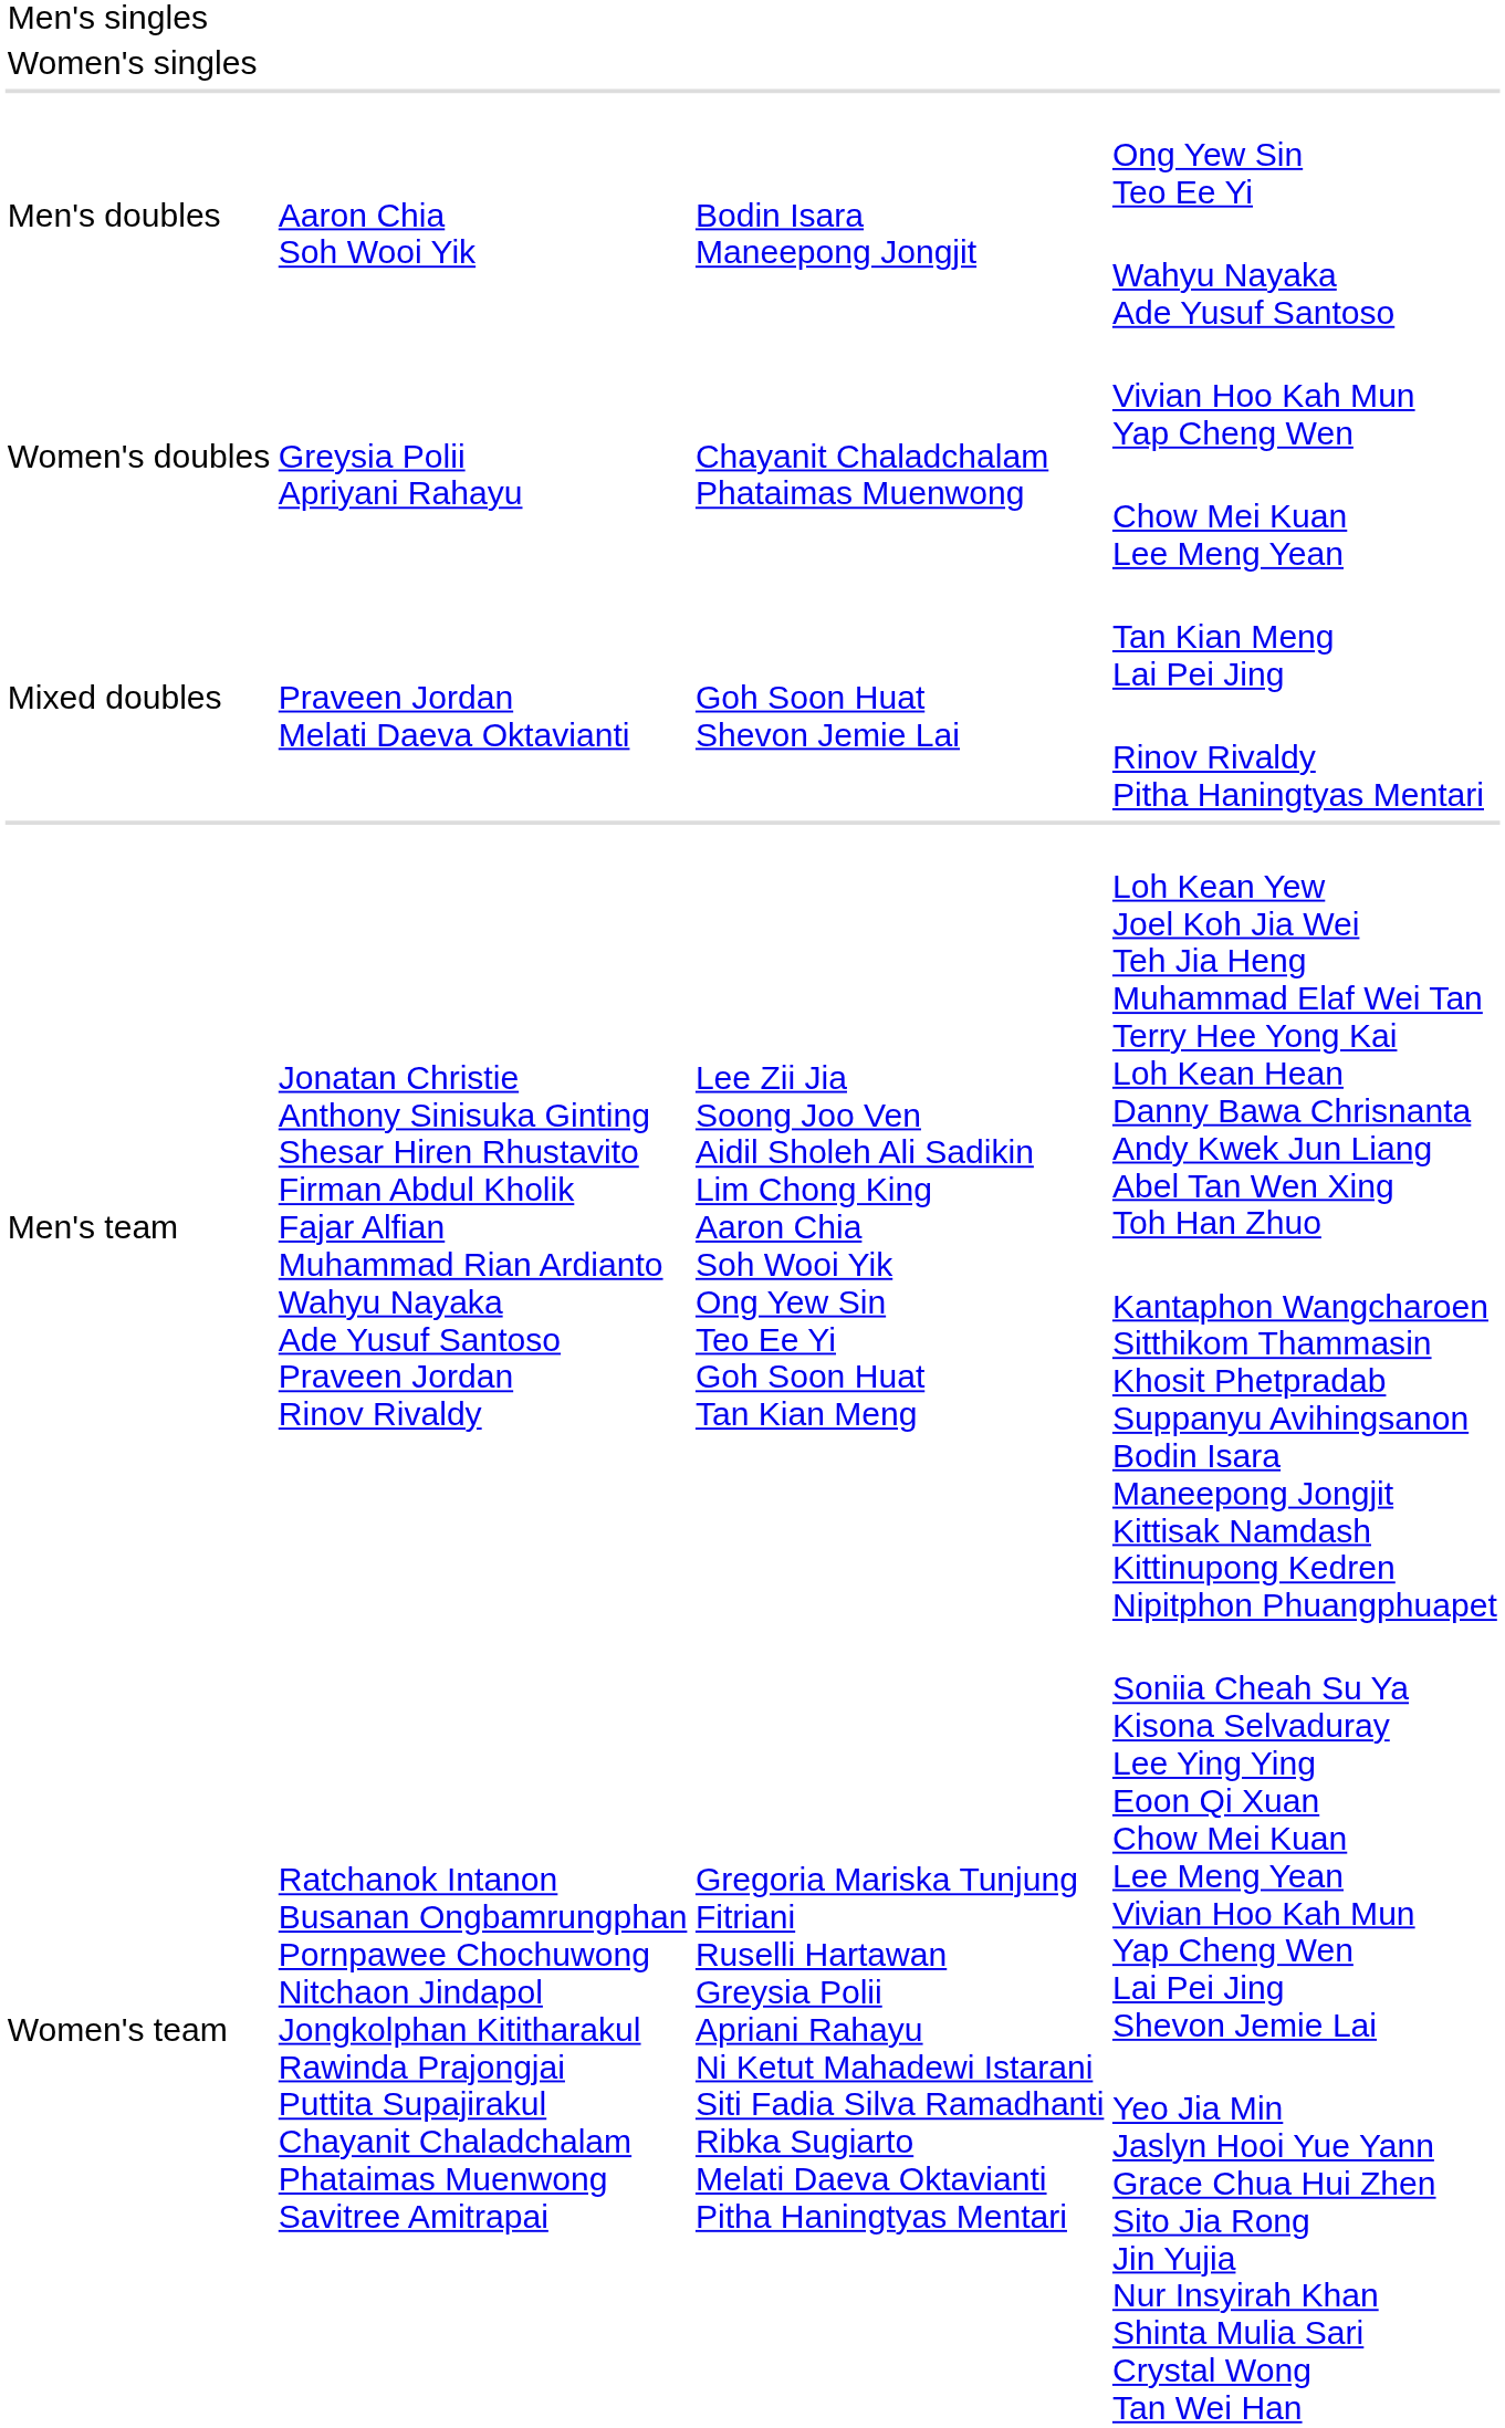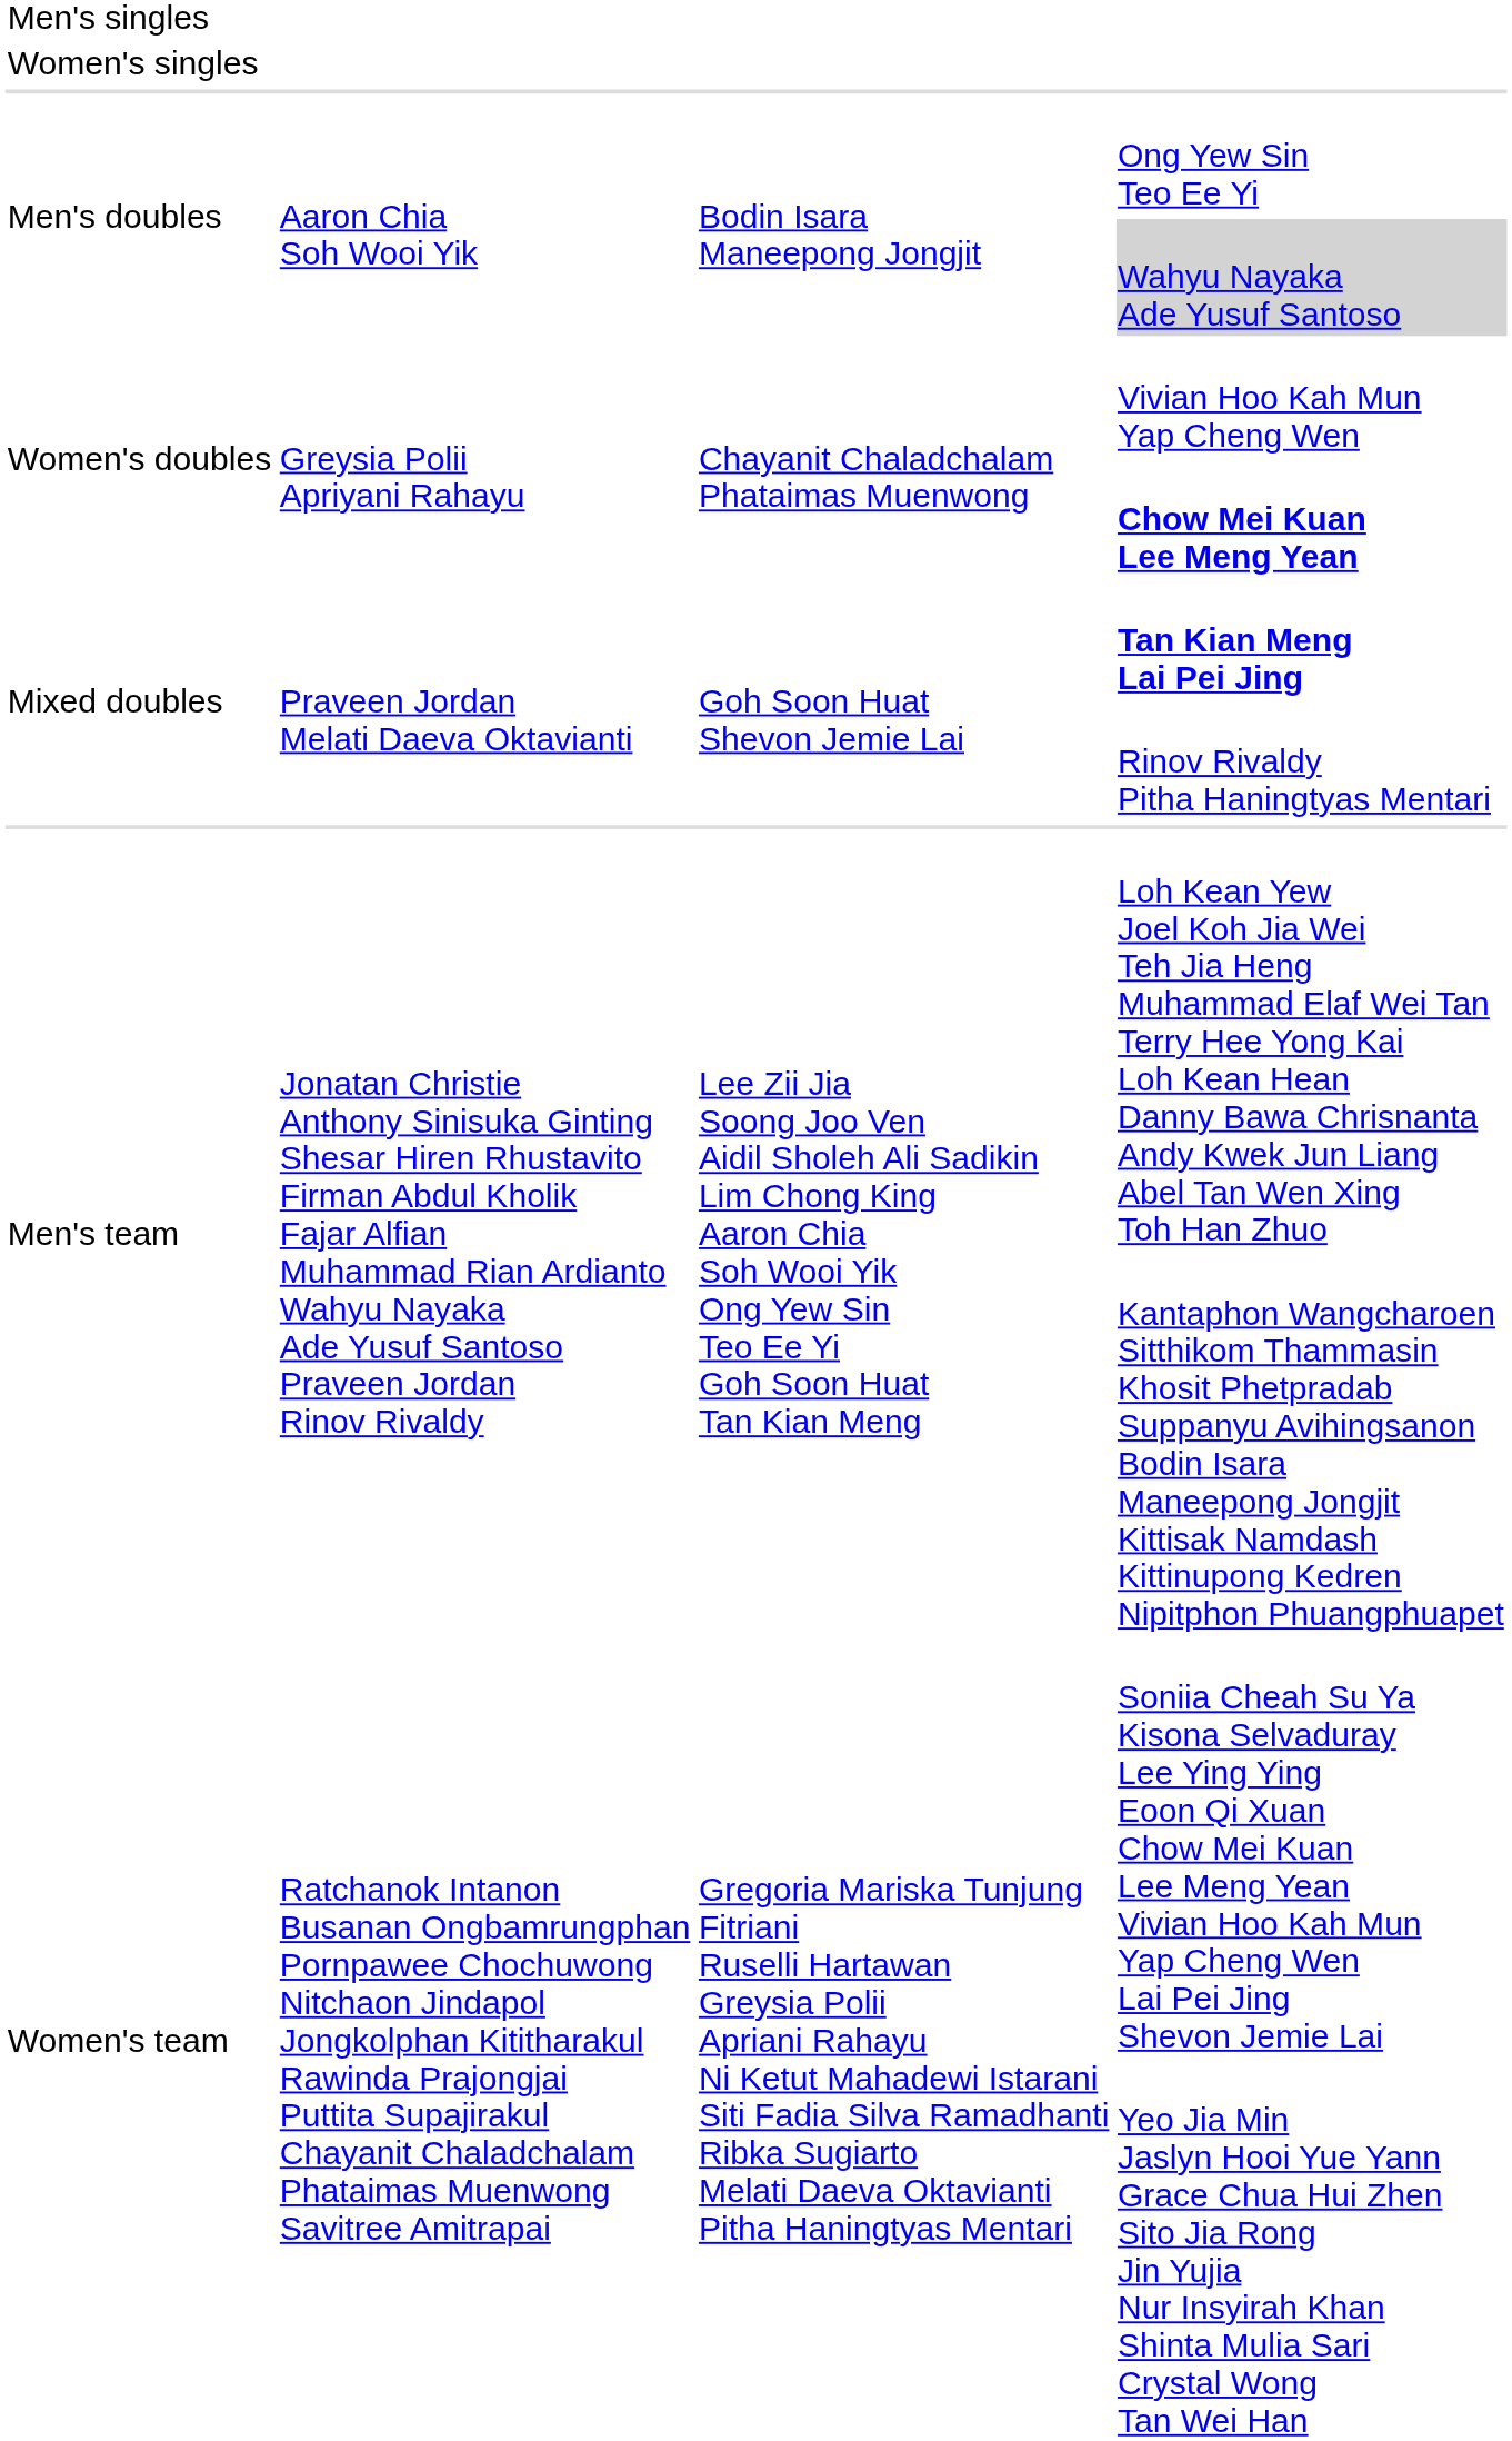 <table>
 <tr>
 <td rowspan=2>Men's singles<br></td>
 <td rowspan=2></td>
 <td rowspan=2></td>
 <td></td>
 </tr>
 <tr>
 <td></td>
 </tr>
 <tr>
 <td rowspan=2>Women's singles<br></td>
 <td rowspan=2></td>
 <td rowspan=2></td>
 <td></td>
 </tr>
 <tr>
 <td></td>
 </tr>
 <tr style="background:#dddddd;">
 <td colspan=7></td>
 </tr>
 <tr>
 <td rowspan=2>Men's doubles<br></td>
 <td rowspan=2><br><a href='#'>Aaron Chia</a><br><a href='#'>Soh Wooi Yik</a></td>
 <td rowspan=2><br><a href='#'>Bodin Isara</a><br><a href='#'>Maneepong Jongjit</a></td>
 <td><br><a href='#'>Ong Yew Sin</a><br><a href='#'>Teo Ee Yi</a></td>
 </tr>
 <tr>
-<td><br><a href='#'>Wahyu Nayaka</a><br><a href='#'>Ade Yusuf Santoso</a></td>
+<td style="background: lightgrey;"><br><a href='#'>Wahyu Nayaka</a><br><a href='#'>Ade Yusuf Santoso</a></td>
 </tr>
 <tr>
 <td rowspan=2>Women's doubles<br></td>
 <td rowspan=2><br><a href='#'>Greysia Polii</a><br><a href='#'>Apriyani Rahayu</a></td>
 <td rowspan=2><br><a href='#'>Chayanit Chaladchalam</a><br><a href='#'>Phataimas Muenwong</a></td>
 <td><br><a href='#'>Vivian Hoo Kah Mun</a><br><a href='#'>Yap Cheng Wen</a></td>
 </tr>
 <tr>
-<td><br><a href='#'>Chow Mei Kuan</a><br><a href='#'>Lee Meng Yean</a></td>
+<td><strong><br><a href='#'>Chow Mei Kuan</a><br><a href='#'>Lee Meng Yean</a></strong></td>
 </tr>
 <tr>
 <td rowspan=2>Mixed doubles<br></td>
 <td rowspan=2><br><a href='#'>Praveen Jordan</a><br><a href='#'>Melati Daeva Oktavianti</a></td>
 <td rowspan=2><br><a href='#'>Goh Soon Huat</a><br><a href='#'>Shevon Jemie Lai</a></td>
-<td><br><a href='#'>Tan Kian Meng</a><br><a href='#'>Lai Pei Jing</a></td>
+<td><strong><br><a href='#'>Tan Kian Meng</a><br><a href='#'>Lai Pei Jing</a></strong></td>
 </tr>
 <tr>
 <td><br><a href='#'>Rinov Rivaldy</a><br><a href='#'>Pitha Haningtyas Mentari</a></td>
 </tr>
 <tr style="background:#dddddd;">
 <td colspan=7></td>
 </tr>
 <tr>
 <td rowspan=2>Men's team<br></td>
 <td nowrap=true rowspan=2><br><a href='#'>Jonatan Christie</a><br><a href='#'>Anthony Sinisuka Ginting</a><br><a href='#'>Shesar Hiren Rhustavito</a><br><a href='#'>Firman Abdul Kholik</a><br><a href='#'>Fajar Alfian</a><br><a href='#'>Muhammad Rian Ardianto</a><br><a href='#'>Wahyu Nayaka</a><br><a href='#'>Ade Yusuf Santoso</a><br><a href='#'>Praveen Jordan</a><br><a href='#'>Rinov Rivaldy</a></td>
 <td rowspan=2><br><a href='#'>Lee Zii Jia</a><br><a href='#'>Soong Joo Ven</a><br><a href='#'>Aidil Sholeh Ali Sadikin</a><br><a href='#'>Lim Chong King</a><br><a href='#'>Aaron Chia</a><br><a href='#'>Soh Wooi Yik</a><br><a href='#'>Ong Yew Sin</a><br><a href='#'>Teo Ee Yi</a><br><a href='#'>Goh Soon Huat</a><br><a href='#'>Tan Kian Meng</a></td>
 <td><br><a href='#'>Loh Kean Yew</a><br><a href='#'>Joel Koh Jia Wei</a><br><a href='#'>Teh Jia Heng</a><br><a href='#'>Muhammad Elaf Wei Tan</a><br><a href='#'>Terry Hee Yong Kai</a><br><a href='#'>Loh Kean Hean</a><br><a href='#'>Danny Bawa Chrisnanta</a><br><a href='#'>Andy Kwek Jun Liang</a><br><a href='#'>Abel Tan Wen Xing</a><br><a href='#'>Toh Han Zhuo</a></td>
 </tr>
 <tr>
 <td><br><a href='#'>Kantaphon Wangcharoen</a><br><a href='#'>Sitthikom Thammasin</a><br><a href='#'>Khosit Phetpradab</a><br><a href='#'>Suppanyu Avihingsanon</a><br><a href='#'>Bodin Isara</a><br><a href='#'>Maneepong Jongjit</a><br><a href='#'>Kittisak Namdash</a><br><a href='#'>Kittinupong Kedren</a><br><a href='#'>Nipitphon Phuangphuapet</a></td>
 </tr>
 <tr>
 <td rowspan=2>Women's team<br></td>
 <td nowrap=true rowspan=2><br><a href='#'>Ratchanok Intanon</a><br><a href='#'>Busanan Ongbamrungphan</a><br><a href='#'>Pornpawee Chochuwong</a><br><a href='#'>Nitchaon Jindapol</a><br><a href='#'>Jongkolphan Kititharakul</a><br><a href='#'>Rawinda Prajongjai</a><br><a href='#'>Puttita Supajirakul</a><br><a href='#'>Chayanit Chaladchalam</a><br><a href='#'>Phataimas Muenwong</a><br><a href='#'>Savitree Amitrapai</a></td>
 <td rowspan=2><br><a href='#'>Gregoria Mariska Tunjung</a><br><a href='#'>Fitriani</a><br><a href='#'>Ruselli Hartawan</a><br><a href='#'>Greysia Polii</a><br><a href='#'>Apriani Rahayu</a><br><a href='#'>Ni Ketut Mahadewi Istarani</a><br><a href='#'>Siti Fadia Silva Ramadhanti</a><br><a href='#'>Ribka Sugiarto</a><br><a href='#'>Melati Daeva Oktavianti</a><br><a href='#'>Pitha Haningtyas Mentari</a></td>
 <td><br><a href='#'>Soniia Cheah Su Ya</a><br><a href='#'>Kisona Selvaduray</a><br><a href='#'>Lee Ying Ying</a><br><a href='#'>Eoon Qi Xuan</a><br><a href='#'>Chow Mei Kuan</a><br><a href='#'>Lee Meng Yean</a><br><a href='#'>Vivian Hoo Kah Mun</a><br><a href='#'>Yap Cheng Wen</a><br><a href='#'>Lai Pei Jing</a><br><a href='#'>Shevon Jemie Lai</a></td>
 </tr>
 <tr>
 <td><br><a href='#'>Yeo Jia Min</a><br><a href='#'>Jaslyn Hooi Yue Yann</a><br><a href='#'>Grace Chua Hui Zhen</a><br><a href='#'>Sito Jia Rong</a><br><a href='#'>Jin Yujia</a><br><a href='#'>Nur Insyirah Khan</a><br><a href='#'>Shinta Mulia Sari</a><br><a href='#'>Crystal Wong</a><br><a href='#'>Tan Wei Han</a></td>
 </tr>
 </table>
